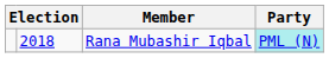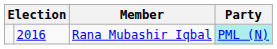 <table class="wikitable">
 <tr>
 <th colspan="2">Election</th>
 <th>Member</th>
 <th>Party</th>
 </tr>
 <tr>
 <td style="background-color: "></td>
-<td><a href='#'>2018</a></td>
+<td><a href='#'>2016</a></td>
 <td><a href='#'>Rana Mubashir Iqbal</a></td>
 <td style="background: paleturquoise;"><a href='#'>PML (N)</a></td>
 </tr>
 </table>
